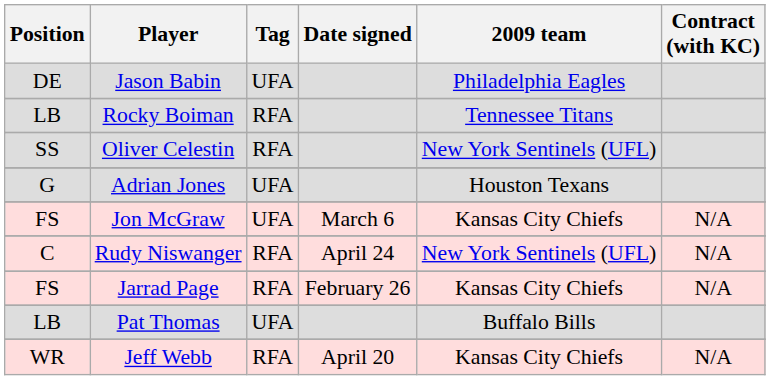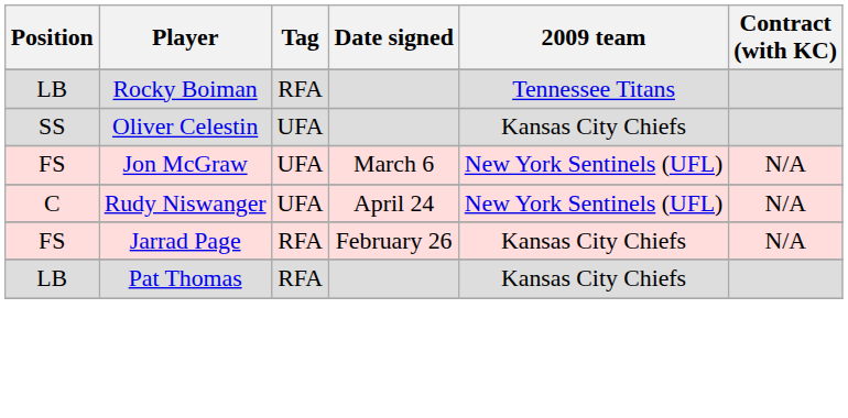 <table class="wikitable">
 <tr>
 <th>Position</th>
 <th>Player</th>
 <th>Tag</th>
 <th>Date signed</th>
 <th>2009 team</th>
 <th>Contract<br>(with KC)</th>
-</tr>
-<tr style="background: #dddddd;" align="center">
-<td>DE</td>
-<td><a href='#'>Jason Babin</a></td>
-<td>UFA</td>
-<td></td>
-<td><a href='#'>Philadelphia Eagles</a></td>
-<td></td>
 </tr>
 <tr>
 </tr>
 <tr style="background: #dddddd;" align="center">
 <td>LB</td>
 <td><a href='#'>Rocky Boiman</a></td>
 <td>RFA</td>
 <td></td>
 <td><a href='#'>Tennessee Titans</a></td>
 <td></td>
 </tr>
 <tr>
 </tr>
 <tr style="background: #dddddd;" align="center">
 <td>SS</td>
 <td><a href='#'>Oliver Celestin</a></td>
-<td>RFA</td>
+<td>UFA</td>
 <td></td>
-<td><a href='#'>New York Sentinels</a> (<a href='#'>UFL</a>)</td>
+<td>Kansas City Chiefs</td>
 <td></td>
 </tr>
 <tr>
-</tr>
-<tr style="background: #dddddd;" align="center">
-<td>G</td>
-<td><a href='#'>Adrian Jones</a></td>
-<td>UFA</td>
-<td></td>
-<td>Houston Texans</td>
-<td></td>
 </tr>
 <tr>
 </tr>
 <tr style="background: #ffdddd;" align="center">
 <td>FS</td>
 <td><a href='#'>Jon McGraw</a></td>
 <td>UFA</td>
 <td>March 6</td>
-<td>Kansas City Chiefs</td>
+<td><a href='#'>New York Sentinels</a> (<a href='#'>UFL</a>)</td>
 <td>N/A</td>
 </tr>
 <tr>
 </tr>
 <tr style="background: #ffdddd;" align="center">
 <td>C</td>
 <td><a href='#'>Rudy Niswanger</a></td>
-<td>RFA</td>
+<td>UFA</td>
 <td>April 24</td>
 <td><a href='#'>New York Sentinels</a> (<a href='#'>UFL</a>)</td>
 <td>N/A</td>
 </tr>
 <tr>
 </tr>
 <tr style="background: #ffdddd;" align="center">
 <td>FS</td>
 <td><a href='#'>Jarrad Page</a></td>
 <td>RFA</td>
 <td>February 26</td>
 <td>Kansas City Chiefs</td>
 <td>N/A</td>
 </tr>
 <tr>
 </tr>
 <tr style="background: #dddddd;" align="center">
 <td>LB</td>
 <td><a href='#'>Pat Thomas</a></td>
-<td>UFA</td>
+<td>RFA</td>
 <td></td>
-<td>Buffalo Bills</td>
+<td>Kansas City Chiefs</td>
 <td></td>
 </tr>
 <tr>
 </tr>
-<tr style="background: #ffdddd;" align="center">
-<td>WR</td>
-<td><a href='#'>Jeff Webb</a></td>
-<td>RFA</td>
-<td>April 20</td>
-<td>Kansas City Chiefs</td>
-<td>N/A</td>
-</tr>
 </table>
